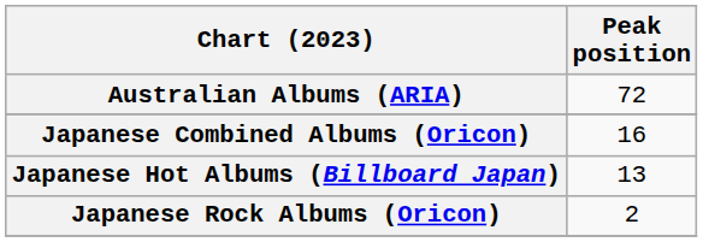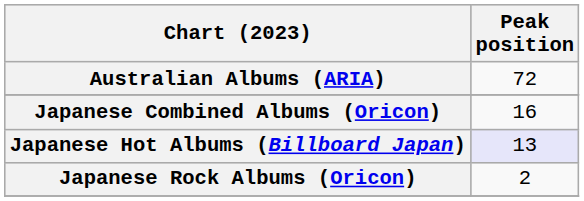 <table class="wikitable sortable plainrowheaders" style="text-align:center">
 <tr>
 <th scope="col">Chart (2023)</th>
 <th scope="col">Peak<br>position</th>
 </tr>
 <tr>
 <th scope="row">Australian Albums (<a href='#'>ARIA</a>)</th>
 <td>72</td>
 </tr>
 <tr>
 </tr>
 <tr>
 </tr>
 <tr>
 </tr>
 <tr>
 </tr>
 <tr>
 </tr>
 <tr>
 </tr>
 <tr>
 </tr>
 <tr>
 </tr>
 <tr>
 </tr>
 <tr>
 <th scope="row">Japanese Combined Albums (<a href='#'>Oricon</a>)</th>
 <td>16</td>
 </tr>
 <tr>
 <th scope="row">Japanese Hot Albums (<em><a href='#'>Billboard Japan</a></em>)</th>
-<td>13</td>
+<td style="background: lavender;">13</td>
 </tr>
 <tr>
 <th scope="row">Japanese Rock Albums (<a href='#'>Oricon</a>)</th>
 <td>2</td>
 </tr>
 <tr>
 </tr>
 <tr>
 </tr>
 <tr>
 </tr>
 <tr>
 </tr>
 <tr>
 </tr>
 <tr>
 </tr>
 <tr>
 </tr>
 <tr>
 </tr>
 </table>
